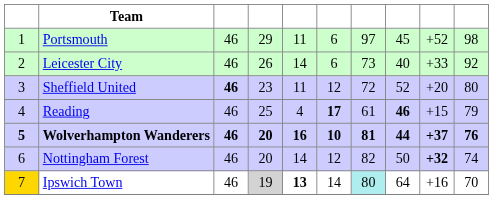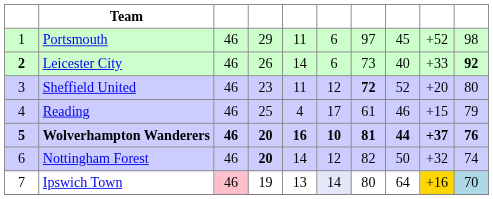 <table class="toccolours" border="1" cellpadding="4" cellspacing="0" style="text-align:center; border-collapse: collapse; margin:0;">
 <tr>
 <th width=30></th>
 <th>Team</th>
 <th width="30"></th>
 <th width="30"></th>
 <th width="30"></th>
 <th width="30"></th>
 <th width="30"></th>
 <th width="30"></th>
 <th width="30"></th>
 <th width="30"></th>
 </tr>
 <tr bgcolor="#ccffcc">
 <td>1</td>
 <td align=left><a href='#'>Portsmouth</a></td>
 <td>46</td>
 <td>29</td>
 <td>11</td>
 <td>6</td>
 <td>97</td>
 <td>45</td>
 <td>+52</td>
 <td>98</td>
 </tr>
 <tr bgcolor="#ccffcc">
-<td>2</td>
+<td><strong>2</strong></td>
 <td align=left><a href='#'>Leicester City</a></td>
 <td>46</td>
 <td>26</td>
 <td>14</td>
 <td>6</td>
 <td>73</td>
 <td>40</td>
 <td>+33</td>
-<td>92</td>
+<td><strong>92</strong></td>
 </tr>
 <tr bgcolor="#ccccff">
 <td>3</td>
 <td align=left><a href='#'>Sheffield United</a></td>
-<td><strong>46</strong></td>
+<td>46</td>
 <td>23</td>
 <td>11</td>
 <td>12</td>
-<td>72</td>
+<td><strong>72</strong></td>
 <td>52</td>
 <td>+20</td>
 <td>80</td>
 </tr>
 <tr bgcolor="#ccccff">
 <td>4</td>
 <td align=left><a href='#'>Reading</a></td>
 <td>46</td>
 <td>25</td>
 <td>4</td>
-<td><strong>17</strong></td>
+<td>17</td>
 <td>61</td>
-<td><strong>46</strong></td>
+<td>46</td>
 <td>+15</td>
 <td>79</td>
 </tr>
 <tr bgcolor="#ccccff">
 <td><strong>5</strong></td>
 <td align=left><strong>Wolverhampton Wanderers</strong></td>
 <td><strong>46</strong></td>
 <td><strong>20</strong></td>
 <td><strong>16</strong></td>
 <td><strong>10</strong></td>
 <td><strong>81</strong></td>
 <td><strong>44</strong></td>
 <td><strong>+37</strong></td>
 <td><strong>76</strong></td>
 </tr>
 <tr bgcolor="#ccccff">
 <td>6</td>
 <td align=left><a href='#'>Nottingham Forest</a></td>
 <td>46</td>
-<td>20</td>
+<td><strong>20</strong></td>
 <td>14</td>
 <td>12</td>
 <td>82</td>
 <td>50</td>
-<td><strong>+32</strong></td>
+<td>+32</td>
 <td>74</td>
 </tr>
 <tr>
-<td style="background: gold;">7</td>
+<td>7</td>
 <td align=left><a href='#'>Ipswich Town</a></td>
-<td>46</td>
-<td style="background: lightgrey;">19</td>
-<td><strong>13</strong></td>
-<td>14</td>
-<td style="background: paleturquoise;">80</td>
+<td style="background: pink;">46</td>
+<td>19</td>
+<td>13</td>
+<td style="background: lavender;">14</td>
+<td>80</td>
 <td>64</td>
-<td>+16</td>
-<td>70</td>
+<td style="background: gold;">+16</td>
+<td style="background: lightblue;">70</td>
 </tr>
 <tr>
 </tr>
 </table>
